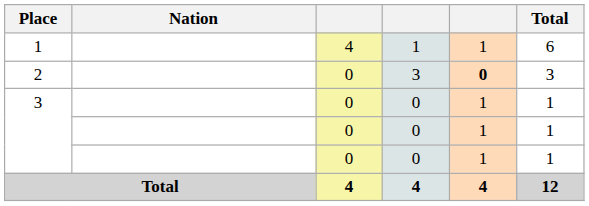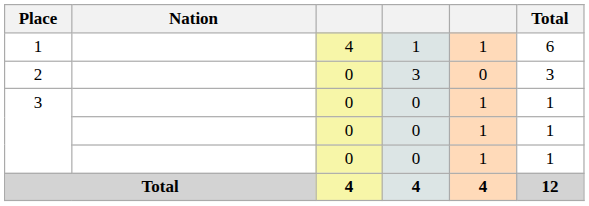 <table class=wikitable style="border:1px solid #AAAAAA;font-size:90%">
 <tr bgcolor="#EFEFEF">
 <th width=50>Place</th>
 <th width=200>Nation</th>
 <th width=50></th>
 <th width=50></th>
 <th width=50></th>
 <th width=50>Total</th>
 </tr>
 <tr align="center" valign="top" bgcolor="#FFFFFF">
 <td>1</td>
 <td align="left"></td>
 <td style="background:#F7F6A8;">4</td>
 <td style="background:#DCE5E5;">1</td>
 <td style="background:#FFDAB9;">1</td>
 <td>6</td>
 </tr>
 <tr align="center" valign="top" bgcolor="#FFFFFF">
 <td>2</td>
 <td align="left"></td>
 <td style="background:#F7F6A8;">0</td>
 <td style="background:#DCE5E5;">3</td>
-<td style="background:#FFDAB9;"><strong>0</strong></td>
+<td style="background:#FFDAB9;">0</td>
 <td>3</td>
 </tr>
 <tr align="center" valign="top" bgcolor="#FFFFFF">
 <td rowspan="3" valign="center">3</td>
 <td align="left"></td>
 <td style="background:#F7F6A8;">0</td>
 <td style="background:#DCE5E5;">0</td>
 <td style="background:#FFDAB9;">1</td>
 <td>1</td>
 </tr>
 <tr align="center" valign="top" bgcolor="#FFFFFF">
 <td align="left"></td>
 <td style="background:#F7F6A8;">0</td>
 <td style="background:#DCE5E5;">0</td>
 <td style="background:#FFDAB9;">1</td>
 <td>1</td>
 </tr>
 <tr align="center" valign="top" bgcolor="#FFFFFF">
 <td align="left"></td>
 <td style="background:#F7F6A8;">0</td>
 <td style="background:#DCE5E5;">0</td>
 <td style="background:#FFDAB9;">1</td>
 <td>1</td>
 </tr>
 <tr align="center">
 <td colspan="2" bgcolor=D3D3D3><strong>Total</strong></td>
 <td style="background:#F7F6A8;"><strong>4</strong></td>
 <td style="background:#DCE5E5;"><strong>4</strong></td>
 <td style="background:#FFDAB9;"><strong>4</strong></td>
 <td bgcolor=D3D3D3><strong>12</strong></td>
 </tr>
 </table>
